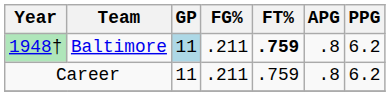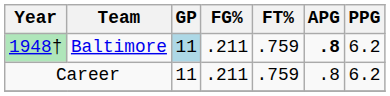 <table class="wikitable sortable" style="font-size:95%; text-align:right;">
 <tr>
 <th>Year</th>
 <th>Team</th>
 <th>GP</th>
 <th>FG%</th>
 <th>FT%</th>
 <th>APG</th>
 <th>PPG</th>
 </tr>
 <tr>
 <td style="text-align:left;background:#afe6ba;"><a href='#'>1948</a>†</td>
 <td style="text-align:left;"><a href='#'>Baltimore</a></td>
 <td style="background: lightblue;">11</td>
 <td>.211</td>
-<td><strong>.759</strong></td>
-<td>.8</td>
+<td>.759</td>
+<td><strong>.8</strong></td>
 <td>6.2</td>
 </tr>
 <tr>
 <td style="text-align:center;" colspan="2">Career</td>
 <td>11</td>
 <td>.211</td>
 <td>.759</td>
 <td>.8</td>
 <td>6.2</td>
 </tr>
 <tr>
 </tr>
 </table>
